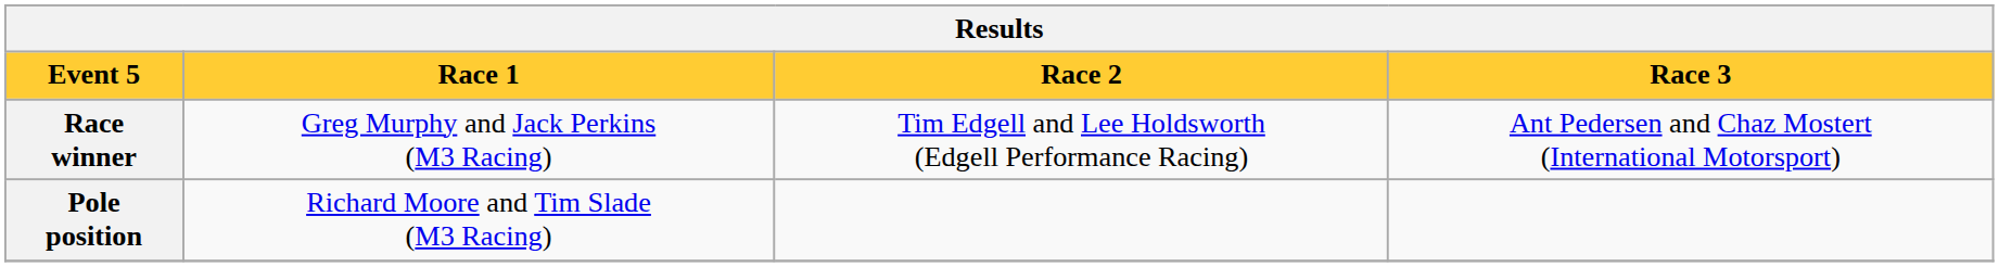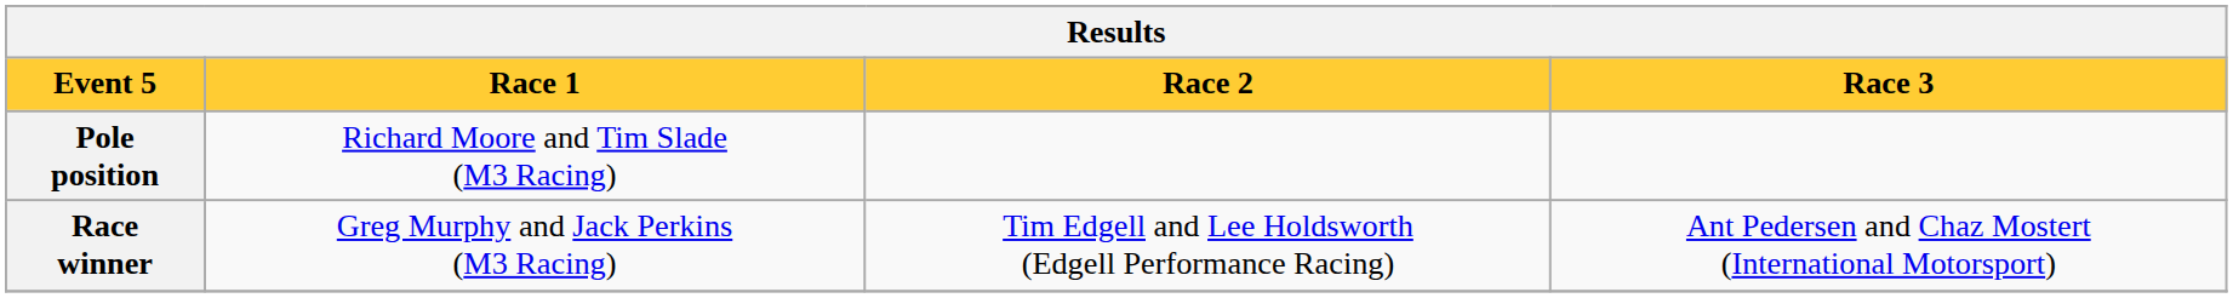 <table class="wikitable collapsible collapsed" align="center" width=75% style="font-size: 85%; max-width: 950px">
 <tr>
 <th colspan="4">Results</th>
 </tr>
 <tr>
 <td align="center" style="background:#FFCC33;"><strong>Event 5</strong></td>
 <td align="center" style="background:#FFCC33;"><strong>Race 1</strong></td>
 <td align="center" style="background:#FFCC33;"><strong>Race 2</strong></td>
 <td align="center" style="background:#FFCC33;"><strong>Race 3</strong></td>
 </tr>
 <tr>
+<th>Pole<br>position</th>
+<td align="center"> <a href='#'>Richard Moore</a> and  <a href='#'>Tim Slade</a><br>(<a href='#'>M3 Racing</a>)</td>
+<td align="center"></td>
+<td align="center"></td>
+</tr>
+<tr>
 <th>Race<br>winner</th>
 <td align="center"> <a href='#'>Greg Murphy</a> and  <a href='#'>Jack Perkins</a><br>(<a href='#'>M3 Racing</a>)</td>
 <td align="center"> <a href='#'>Tim Edgell</a> and  <a href='#'>Lee Holdsworth</a><br>(Edgell Performance Racing)</td>
 <td align="center"> <a href='#'>Ant Pedersen</a> and  <a href='#'>Chaz Mostert</a><br>(<a href='#'>International Motorsport</a>)</td>
 </tr>
 <tr>
-<th>Pole<br>position</th>
-<td align="center"> <a href='#'>Richard Moore</a> and  <a href='#'>Tim Slade</a><br>(<a href='#'>M3 Racing</a>)</td>
-<td align="center"></td>
-<td align="center"></td>
-</tr>
-<tr>
 </tr>
 </table>
